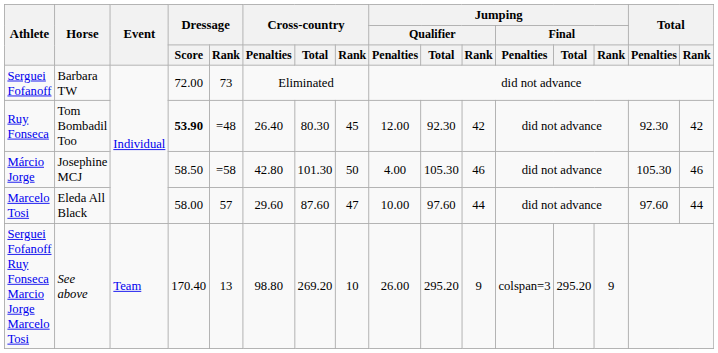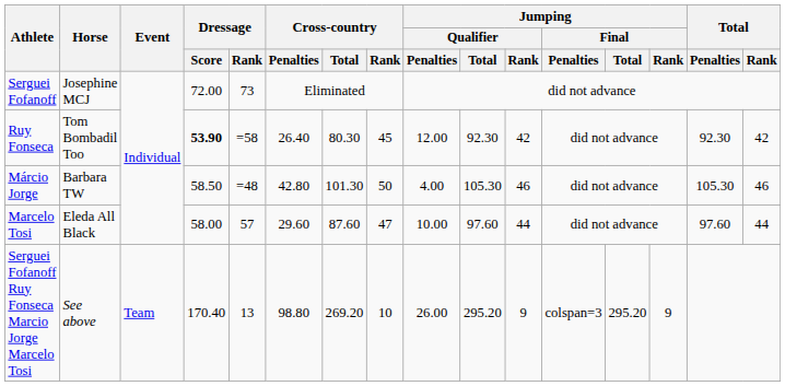 <table class=wikitable style="font-size:90%">
 <tr>
 <th rowspan="3">Athlete</th>
 <th rowspan="3">Horse</th>
 <th rowspan="3">Event</th>
 <th colspan="2" rowspan="2">Dressage</th>
 <th colspan="3" rowspan="2">Cross-country</th>
 <th colspan="6">Jumping</th>
 <th colspan="2" rowspan="2">Total</th>
 </tr>
 <tr style="font-size:95%">
 <th colspan="3">Qualifier</th>
 <th colspan="3">Final</th>
 </tr>
 <tr style="font-size:95%">
 <th>Score</th>
 <th>Rank</th>
 <th>Penalties</th>
 <th>Total</th>
 <th>Rank</th>
 <th>Penalties</th>
 <th>Total</th>
 <th>Rank</th>
 <th>Penalties</th>
 <th>Total</th>
 <th>Rank</th>
 <th>Penalties</th>
 <th>Rank</th>
 </tr>
 <tr align=center>
 <td align=left><a href='#'>Serguei Fofanoff</a></td>
-<td align=left>Barbara TW</td>
+<td align=left>Josephine MCJ</td>
 <td align=left rowspan=4><a href='#'>Individual</a></td>
 <td>72.00</td>
 <td>73</td>
 <td colspan=3>Eliminated</td>
 <td colspan=8>did not advance</td>
 </tr>
 <tr align=center>
 <td align=left><a href='#'>Ruy Fonseca</a></td>
 <td align=left>Tom Bombadil Too</td>
 <td><strong>53.90</strong></td>
-<td>=48</td>
+<td>=58</td>
 <td>26.40</td>
 <td>80.30</td>
 <td>45</td>
 <td>12.00</td>
 <td>92.30</td>
 <td>42</td>
 <td colspan=3>did not advance</td>
 <td>92.30</td>
 <td>42</td>
 </tr>
 <tr align=center>
 <td align=left><a href='#'>Márcio Jorge</a></td>
-<td align=left>Josephine MCJ</td>
+<td align=left>Barbara TW</td>
 <td>58.50</td>
-<td>=58</td>
+<td>=48</td>
 <td>42.80</td>
 <td>101.30</td>
 <td>50</td>
 <td>4.00</td>
 <td>105.30</td>
 <td>46</td>
 <td colspan=3>did not advance</td>
 <td>105.30</td>
 <td>46</td>
 </tr>
 <tr align=center>
 <td align=left><a href='#'>Marcelo Tosi</a></td>
 <td align=left>Eleda All Black</td>
 <td>58.00</td>
 <td>57</td>
 <td>29.60</td>
 <td>87.60</td>
 <td>47</td>
 <td>10.00</td>
 <td>97.60</td>
 <td>44</td>
 <td colspan=3>did not advance</td>
 <td>97.60</td>
 <td>44</td>
 </tr>
 <tr align=center>
 <td align=left><a href='#'>Serguei Fofanoff</a><br><a href='#'>Ruy Fonseca</a><br><a href='#'>Marcio Jorge</a><br><a href='#'>Marcelo Tosi</a></td>
 <td align=left><em>See above</em></td>
 <td align=left><a href='#'>Team</a></td>
 <td>170.40</td>
 <td>13</td>
 <td>98.80</td>
 <td>269.20</td>
 <td>10</td>
 <td>26.00</td>
 <td>295.20</td>
 <td>9</td>
 <td>colspan=3 </td>
 <td>295.20</td>
 <td>9</td>
 </tr>
 </table>
